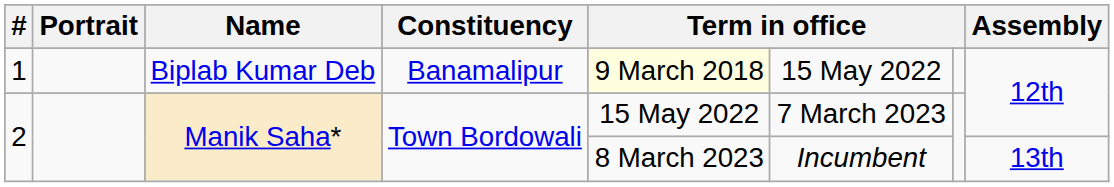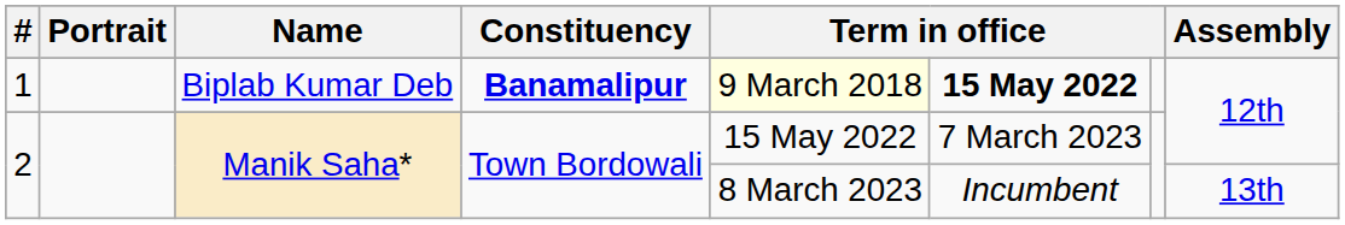 <table class="wikitable plainrowheaders" style="text-align:center">
 <tr align=center>
 <th>#</th>
 <th>Portrait</th>
 <th>Name</th>
 <th>Constituency</th>
 <th colspan="3">Term in office</th>
 <th>Assembly</th>
 </tr>
 <tr align="center">
 <td>1</td>
 <td></td>
 <td><a href='#'>Biplab Kumar Deb</a></td>
-<td><a href='#'>Banamalipur</a></td>
+<td><strong><a href='#'>Banamalipur</a></strong></td>
 <td style="background: lightyellow;">9 March 2018</td>
-<td>15 May 2022</td>
+<td><strong>15 May 2022</strong></td>
 <td></td>
 <td rowspan="2"><a href='#'>12th</a></td>
 </tr>
 <tr align="center">
 <td rowspan="2">2</td>
 <td rowspan="2"></td>
 <td rowspan="2" style="background:#faecc8;text-align:center;"><a href='#'>Manik Saha</a>*</td>
 <td rowspan="2"><a href='#'>Town Bordowali</a></td>
 <td>15 May 2022</td>
 <td>7 March 2023</td>
 <td rowspan=2></td>
 </tr>
 <tr>
 <td>8 March 2023</td>
 <td><em>Incumbent</em></td>
 <td><a href='#'>13th</a></td>
 </tr>
 </table>
